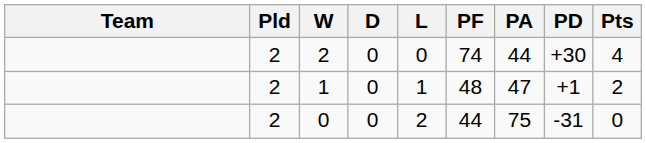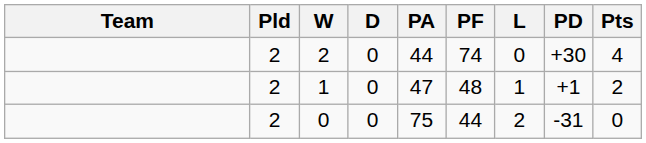 <table class=wikitable style="text-align:center">
 <tr>
 <th width=180>Team</th>
 <th width=30>Pld</th>
 <th width=30>W</th>
 <th width=30>D</th>
+<th width=30>PA</th>
+<th width=30>PF</th>
 <th width=30>L</th>
-<th width=30>PF</th>
-<th width=30>PA</th>
 <th width=30>PD</th>
 <th width=30>Pts</th>
 </tr>
 <tr>
 <td style="text-align:left"></td>
 <td>2</td>
 <td>2</td>
 <td>0</td>
+<td>44</td>
+<td>74</td>
 <td>0</td>
-<td>74</td>
-<td>44</td>
 <td>+30</td>
 <td>4</td>
 </tr>
 <tr>
 <td style="text-align:left"></td>
 <td>2</td>
 <td>1</td>
 <td>0</td>
+<td>47</td>
+<td>48</td>
 <td>1</td>
-<td>48</td>
-<td>47</td>
 <td>+1</td>
 <td>2</td>
 </tr>
 <tr>
 <td style="text-align:left"></td>
 <td>2</td>
 <td>0</td>
 <td>0</td>
+<td>75</td>
+<td>44</td>
 <td>2</td>
-<td>44</td>
-<td>75</td>
 <td>-31</td>
 <td>0</td>
 </tr>
 </table>
